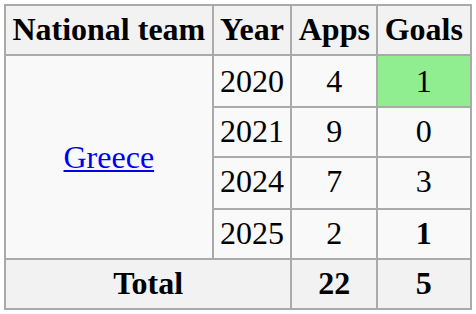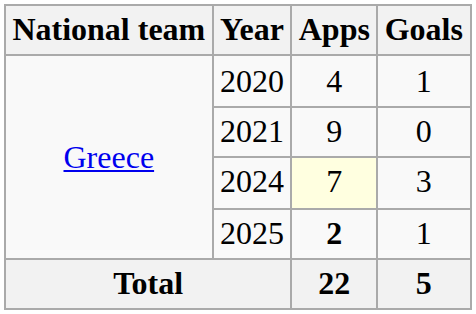 <table class="wikitable" style="text-align:center">
 <tr>
 <th>National team</th>
 <th>Year</th>
 <th>Apps</th>
 <th>Goals</th>
 </tr>
 <tr>
 <td rowspan="4"><a href='#'>Greece</a></td>
 <td>2020</td>
 <td>4</td>
-<td style="background: lightgreen;">1</td>
+<td>1</td>
 </tr>
 <tr>
 <td>2021</td>
 <td>9</td>
 <td>0</td>
 </tr>
 <tr>
 <td>2024</td>
-<td>7</td>
+<td style="background: lightyellow;">7</td>
 <td>3</td>
 </tr>
 <tr>
 <td>2025</td>
-<td>2</td>
-<td><strong>1</strong></td>
+<td><strong>2</strong></td>
+<td>1</td>
 </tr>
 <tr>
 <th colspan="2">Total</th>
 <th>22</th>
 <th>5</th>
 </tr>
 </table>
